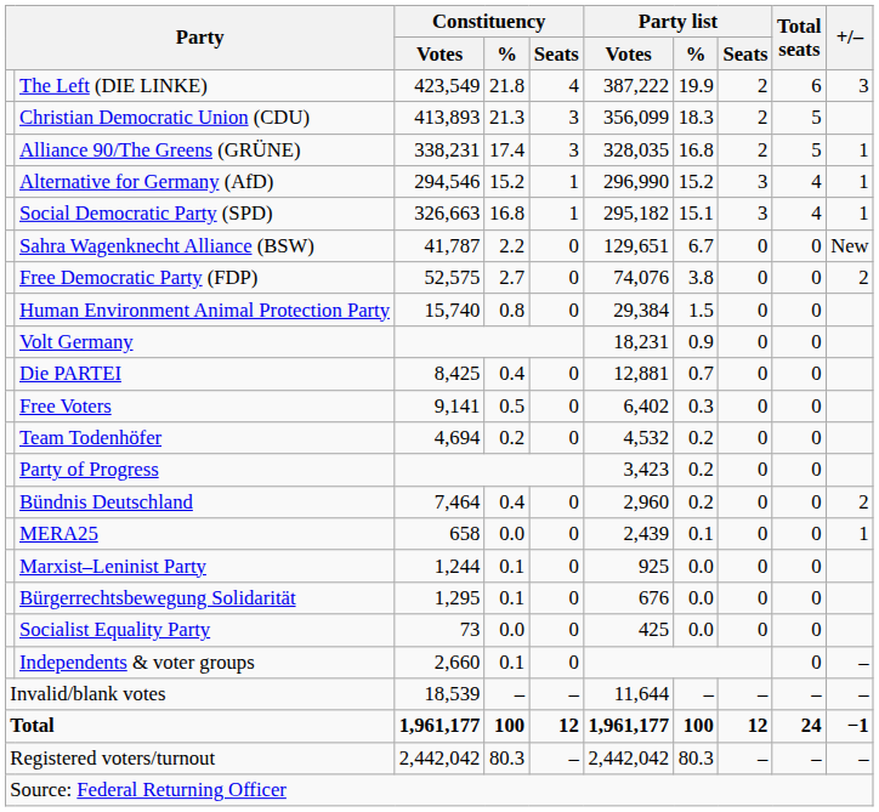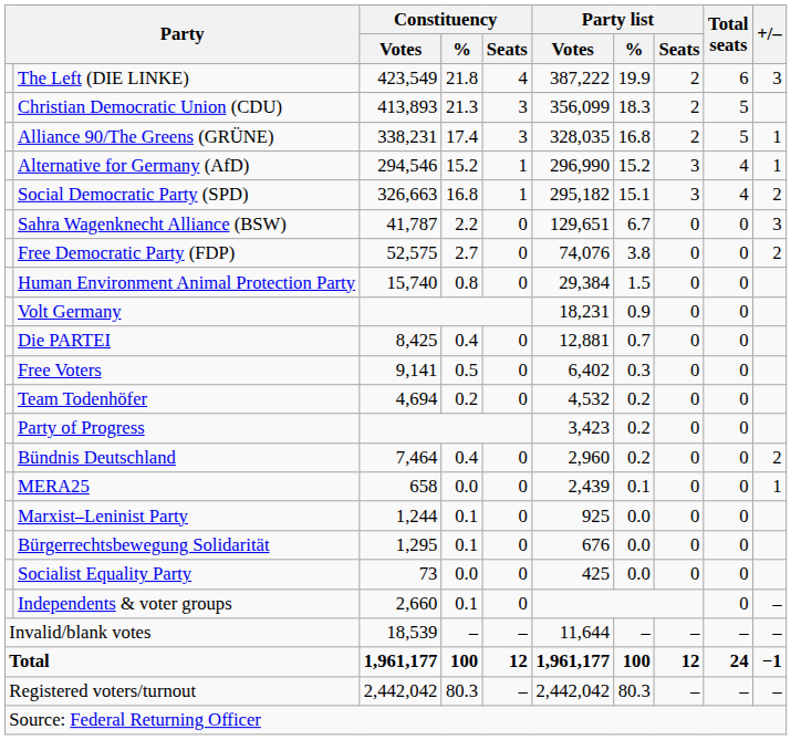 <table class="wikitable" style="text-align:right">
 <tr>
 <th colspan="2" rowspan="2">Party</th>
 <th colspan="3">Constituency</th>
 <th colspan="3">Party list</th>
 <th rowspan="2">Total<br>seats</th>
 <th rowspan="2">+/–</th>
 </tr>
 <tr>
 <th>Votes</th>
 <th>%</th>
 <th>Seats</th>
 <th>Votes</th>
 <th>%</th>
 <th>Seats</th>
 </tr>
 <tr>
 <td></td>
 <td align="left"><a href='#'>The Left</a> (DIE LINKE)</td>
 <td>423,549</td>
 <td>21.8</td>
 <td>4</td>
 <td>387,222</td>
 <td>19.9</td>
 <td>2</td>
 <td>6</td>
 <td> 3</td>
 </tr>
 <tr>
 <td></td>
 <td align="left"><a href='#'>Christian Democratic Union</a> (CDU)</td>
 <td>413,893</td>
 <td>21.3</td>
 <td>3</td>
 <td>356,099</td>
 <td>18.3</td>
 <td>2</td>
 <td>5</td>
 <td></td>
 </tr>
 <tr>
 <td></td>
 <td align="left"><a href='#'>Alliance 90/The Greens</a> (GRÜNE)</td>
 <td>338,231</td>
 <td>17.4</td>
 <td>3</td>
 <td>328,035</td>
 <td>16.8</td>
 <td>2</td>
 <td>5</td>
 <td> 1</td>
 </tr>
 <tr>
 <td></td>
 <td align="left"><a href='#'>Alternative for Germany</a> (AfD)</td>
 <td>294,546</td>
 <td>15.2</td>
 <td>1</td>
 <td>296,990</td>
 <td>15.2</td>
 <td>3</td>
 <td>4</td>
 <td> 1</td>
 </tr>
 <tr>
 <td></td>
 <td align="left"><a href='#'>Social Democratic Party</a> (SPD)</td>
 <td>326,663</td>
 <td>16.8</td>
 <td>1</td>
 <td>295,182</td>
 <td>15.1</td>
 <td>3</td>
 <td>4</td>
-<td> 1</td>
+<td> 2</td>
 </tr>
 <tr>
 <td style="background-color:"></td>
 <td align="left"><a href='#'>Sahra Wagenknecht Alliance</a> (BSW)</td>
 <td>41,787</td>
 <td>2.2</td>
 <td>0</td>
 <td>129,651</td>
 <td>6.7</td>
 <td>0</td>
 <td>0</td>
-<td>New</td>
+<td> 3</td>
 </tr>
 <tr>
 <td></td>
 <td align="left"><a href='#'>Free Democratic Party</a> (FDP)</td>
 <td>52,575</td>
 <td>2.7</td>
 <td>0</td>
 <td>74,076</td>
 <td>3.8</td>
 <td>0</td>
 <td>0</td>
 <td> 2</td>
 </tr>
 <tr>
 <td style="background-color:"></td>
 <td align="left"><a href='#'>Human Environment Animal Protection Party</a></td>
 <td>15,740</td>
 <td>0.8</td>
 <td>0</td>
 <td>29,384</td>
 <td>1.5</td>
 <td>0</td>
 <td>0</td>
 <td></td>
 </tr>
 <tr>
 <td style="background-color:"></td>
 <td align="left"><a href='#'>Volt Germany</a></td>
 <td colspan="3"></td>
 <td>18,231</td>
 <td>0.9</td>
 <td>0</td>
 <td>0</td>
 <td></td>
 </tr>
 <tr>
 <td style="background-color:"></td>
 <td align="left"><a href='#'>Die PARTEI</a></td>
 <td>8,425</td>
 <td>0.4</td>
 <td>0</td>
 <td>12,881</td>
 <td>0.7</td>
 <td>0</td>
 <td>0</td>
 <td></td>
 </tr>
 <tr>
 <td style="background-color:"></td>
 <td align="left"><a href='#'>Free Voters</a></td>
 <td>9,141</td>
 <td>0.5</td>
 <td>0</td>
 <td>6,402</td>
 <td>0.3</td>
 <td>0</td>
 <td>0</td>
 <td></td>
 </tr>
 <tr>
 <td style="background-color:"></td>
 <td align="left"><a href='#'>Team Todenhöfer</a></td>
 <td>4,694</td>
 <td>0.2</td>
 <td>0</td>
 <td>4,532</td>
 <td>0.2</td>
 <td>0</td>
 <td>0</td>
 <td></td>
 </tr>
 <tr>
 <td style="background-color:"></td>
 <td align="left"><a href='#'>Party of Progress</a></td>
 <td colspan="3"></td>
 <td>3,423</td>
 <td>0.2</td>
 <td>0</td>
 <td>0</td>
 <td></td>
 </tr>
 <tr>
 <td style="background-color:"></td>
 <td align="left"><a href='#'>Bündnis Deutschland</a></td>
 <td>7,464</td>
 <td>0.4</td>
 <td>0</td>
 <td>2,960</td>
 <td>0.2</td>
 <td>0</td>
 <td>0</td>
 <td> 2</td>
 </tr>
 <tr>
 <td style="background-color:"></td>
 <td align="left"><a href='#'>MERA25</a></td>
 <td>658</td>
 <td>0.0</td>
 <td>0</td>
 <td>2,439</td>
 <td>0.1</td>
 <td>0</td>
 <td>0</td>
 <td> 1</td>
 </tr>
 <tr>
 <td style="background-color:"></td>
 <td align="left"><a href='#'>Marxist–Leninist Party</a></td>
 <td>1,244</td>
 <td>0.1</td>
 <td>0</td>
 <td>925</td>
 <td>0.0</td>
 <td>0</td>
 <td>0</td>
 <td></td>
 </tr>
 <tr>
 <td style="background-color:"></td>
 <td align="left"><a href='#'>Bürgerrechtsbewegung Solidarität</a></td>
 <td>1,295</td>
 <td>0.1</td>
 <td>0</td>
 <td>676</td>
 <td>0.0</td>
 <td>0</td>
 <td>0</td>
 <td></td>
 </tr>
 <tr>
 <td style="background-color:"></td>
 <td align="left"><a href='#'>Socialist Equality Party</a></td>
 <td>73</td>
 <td>0.0</td>
 <td>0</td>
 <td>425</td>
 <td>0.0</td>
 <td>0</td>
 <td>0</td>
 <td></td>
 </tr>
 <tr>
 <td style="background-color:"></td>
 <td align="left"><a href='#'>Independents</a> & voter groups</td>
 <td>2,660</td>
 <td>0.1</td>
 <td>0</td>
 <td colspan="3"></td>
 <td>0</td>
 <td>–</td>
 </tr>
 <tr>
 <td colspan="2" align="left">Invalid/blank votes</td>
 <td>18,539</td>
 <td>–</td>
 <td>–</td>
 <td>11,644</td>
 <td>–</td>
 <td>–</td>
 <td>–</td>
 <td>–</td>
 </tr>
 <tr>
 <td colspan="2" align="left"><strong>Total</strong></td>
 <td><strong>1,961,177</strong></td>
 <td><strong>100</strong></td>
 <td><strong>12</strong></td>
 <td><strong>1,961,177</strong></td>
 <td><strong>100</strong></td>
 <td><strong>12</strong></td>
 <td><strong>24</strong></td>
 <td><strong>−1</strong></td>
 </tr>
 <tr>
 <td colspan="2" align="left">Registered voters/turnout</td>
 <td>2,442,042</td>
 <td>80.3</td>
 <td>–</td>
 <td>2,442,042</td>
 <td>80.3</td>
 <td>–</td>
 <td>–</td>
 <td>–</td>
 </tr>
 <tr>
 <td colspan="10" align="left">Source: <a href='#'>Federal Returning Officer</a></td>
 </tr>
 </table>
